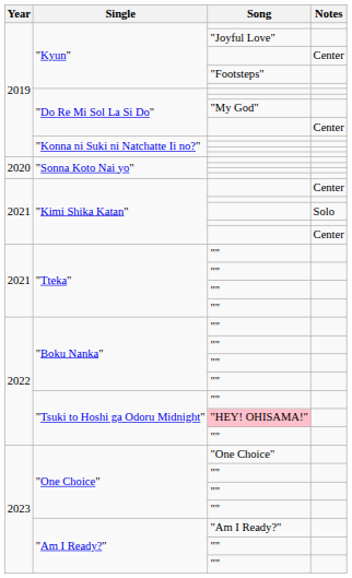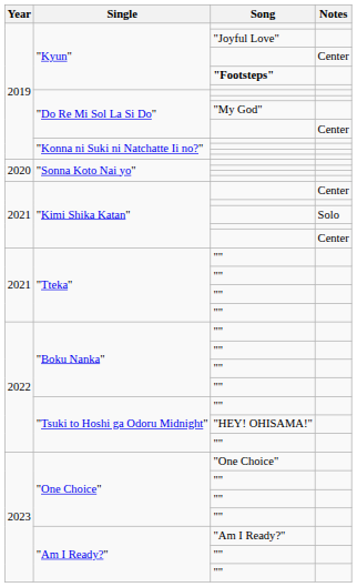 <table class="wikitable">
 <tr>
 <th>Year</th>
 <th>Single</th>
 <th>Song</th>
 <th>Notes</th>
 </tr>
 <tr>
 <td rowspan="13">2019</td>
 <td rowspan="5">"<a href='#'>Kyun</a>"</td>
 <td></td>
 <td></td>
 </tr>
 <tr>
 <td>"Joyful Love"</td>
 <td></td>
 </tr>
 <tr>
 <td></td>
 <td>Center</td>
 </tr>
 <tr>
-<td>"Footsteps"</td>
+<td><strong>"Footsteps"</strong></td>
 <td></td>
 </tr>
 <tr>
 <td></td>
 <td></td>
 </tr>
 <tr>
 <td rowspan="4">"<a href='#'>Do Re Mi Sol La Si Do</a>"</td>
 <td></td>
 <td></td>
 </tr>
 <tr>
 <td></td>
 <td></td>
 </tr>
 <tr>
 <td>"My God"</td>
 <td></td>
 </tr>
 <tr>
 <td></td>
 <td>Center</td>
 </tr>
 <tr>
 <td rowspan="4">"<a href='#'>Konna ni Suki ni Natchatte Ii no?</a>"</td>
 <td></td>
 <td></td>
 </tr>
 <tr>
 <td></td>
 <td></td>
 </tr>
 <tr>
 <td></td>
 <td></td>
 </tr>
 <tr>
 <td></td>
 <td></td>
 </tr>
 <tr>
 <td rowspan="4">2020</td>
 <td rowspan="4">"<a href='#'>Sonna Koto Nai yo</a>"</td>
 <td></td>
 <td></td>
 </tr>
 <tr>
 <td></td>
 <td></td>
 </tr>
 <tr>
 <td></td>
 <td></td>
 </tr>
 <tr>
 <td></td>
 <td></td>
 </tr>
 <tr>
 <td rowspan="5">2021</td>
 <td rowspan="5">"<a href='#'>Kimi Shika Katan</a>"</td>
 <td></td>
 <td>Center</td>
 </tr>
 <tr>
 <td></td>
 <td></td>
 </tr>
 <tr>
 <td></td>
 <td>Solo</td>
 </tr>
 <tr>
 <td></td>
 <td></td>
 </tr>
 <tr>
 <td></td>
 <td>Center</td>
 </tr>
 <tr>
 <td rowspan="4">2021</td>
 <td rowspan="4">"<a href='#'>Tteka</a>"</td>
 <td>""</td>
 <td></td>
 </tr>
 <tr>
 <td>""</td>
 <td></td>
 </tr>
 <tr>
 <td>""</td>
 <td></td>
 </tr>
 <tr>
 <td>""</td>
 <td></td>
 </tr>
 <tr>
 <td rowspan="7">2022</td>
 <td rowspan="4">"<a href='#'>Boku Nanka</a>"</td>
 <td>""</td>
 <td></td>
 </tr>
 <tr>
 <td>""</td>
 <td></td>
 </tr>
 <tr>
 <td>""</td>
 <td></td>
 </tr>
 <tr>
 <td>""</td>
 <td></td>
 </tr>
 <tr>
 <td rowspan="3">"<a href='#'>Tsuki to Hoshi ga Odoru Midnight</a>"</td>
 <td>""</td>
 <td></td>
 </tr>
 <tr>
-<td style="background: pink;">"HEY! OHISAMA!"</td>
+<td>"HEY! OHISAMA!"</td>
 <td></td>
 </tr>
 <tr>
 <td>""</td>
 <td></td>
 </tr>
 <tr>
 <td rowspan="7">2023</td>
 <td rowspan="4">"<a href='#'>One Choice</a>"</td>
 <td>"One Choice"</td>
 <td></td>
 </tr>
 <tr>
 <td>""</td>
 <td></td>
 </tr>
 <tr>
 <td>""</td>
 <td></td>
 </tr>
 <tr>
 <td>""</td>
 <td></td>
 </tr>
 <tr>
 <td rowspan="3">"<a href='#'>Am I Ready?</a>"</td>
 <td>"Am I Ready?"</td>
 <td></td>
 </tr>
 <tr>
 <td>""</td>
 <td></td>
 </tr>
 <tr>
 <td>""</td>
 <td></td>
 </tr>
 </table>
